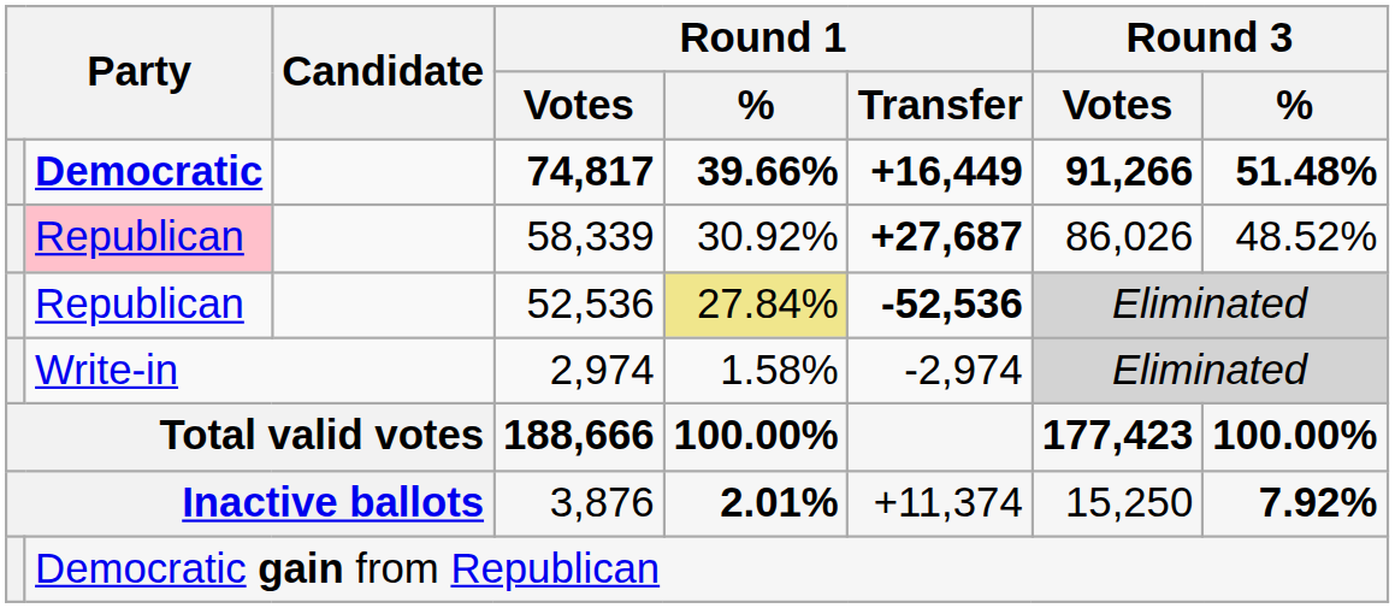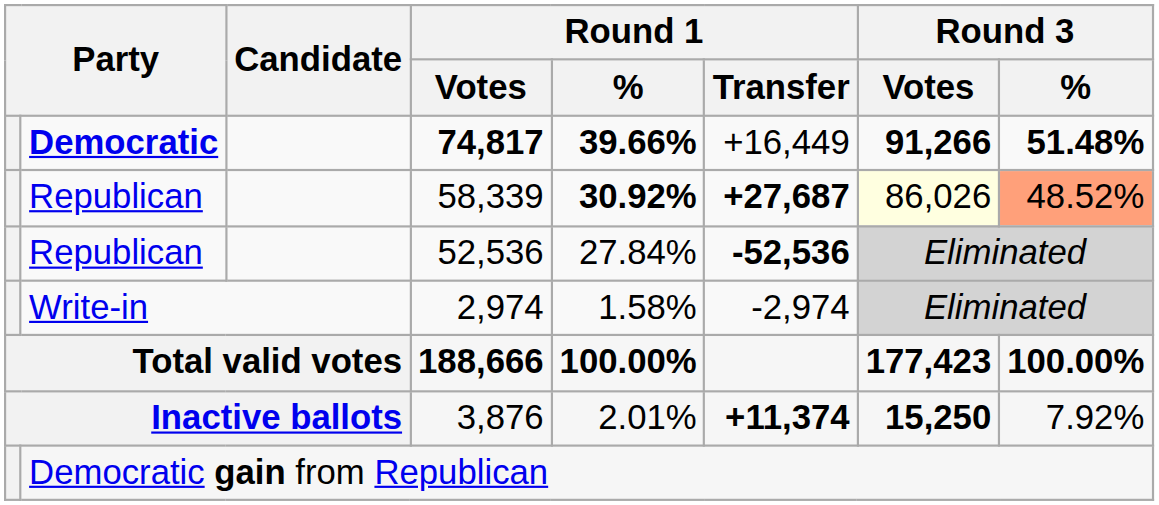 <table class="wikitable sortable" style="text-align:right">
 <tr>
 <th colspan="2" rowspan="2">Party</th>
 <th rowspan="2">Candidate</th>
 <th colspan="3">Round 1</th>
 <th colspan="2">Round 3</th>
 </tr>
 <tr>
 <th>Votes</th>
 <th>%</th>
 <th>Transfer</th>
 <th>Votes</th>
 <th>%</th>
 </tr>
 <tr>
 <th style="background-color:"></th>
 <td style="text-align:left"><strong><a href='#'>Democratic</a></strong></td>
 <td scope="row" style="text-align:left"><strong></strong></td>
 <td><strong>74,817</strong></td>
 <td><strong>39.66%</strong></td>
-<td><strong>+16,449</strong></td>
+<td>+16,449</td>
 <td><strong>91,266</strong></td>
 <td><strong>51.48%</strong></td>
 </tr>
 <tr>
 <th style="background-color:"></th>
-<td style="background: pink; text-align:left"><a href='#'>Republican</a></td>
+<td style="text-align:left"><a href='#'>Republican</a></td>
 <td scope="row" style="text-align:left"></td>
 <td>58,339</td>
-<td>30.92%</td>
+<td><strong>30.92%</strong></td>
 <td><strong>+27,687</strong></td>
-<td>86,026</td>
-<td>48.52%</td>
+<td style="background: lightyellow;">86,026</td>
+<td style="background: lightsalmon;">48.52%</td>
 </tr>
 <tr>
 <th style="background-color:"></th>
 <td style="text-align:left"><a href='#'>Republican</a></td>
 <td scope="row" style="text-align:left"></td>
 <td>52,536</td>
-<td style="background: khaki;">27.84%</td>
+<td>27.84%</td>
 <td><strong>-52,536</strong></td>
 <td colspan="2" style="background:lightgrey; text-align:center;"><em>Eliminated</em></td>
 </tr>
 <tr>
 <th style="background-color:"></th>
 <td colspan="2" style="text-align:left"><a href='#'>Write-in</a></td>
 <td>2,974</td>
 <td>1.58%</td>
 <td>-2,974</td>
 <td colspan="2" style="background:lightgrey; text-align:center;"><em>Eliminated</em></td>
 </tr>
 <tr class="sortbottom" style="background:#f6f6f6;">
 <th colspan="3" scope="row" style="text-align:right;">Total valid votes</th>
 <td><strong>188,666</strong></td>
 <td><strong>100.00%</strong></td>
 <td></td>
 <td><strong>177,423</strong></td>
 <td><strong>100.00%</strong></td>
 </tr>
 <tr class="sortbottom" style="background:#f6f6f6;">
 <th colspan="3" scope="row" style="text-align:right;"><a href='#'>Inactive ballots</a></th>
 <td>3,876</td>
-<td><strong>2.01%</strong></td>
-<td>+11,374</td>
-<td>15,250</td>
-<td><strong>7.92%</strong></td>
+<td>2.01%</td>
+<td><strong>+11,374</strong></td>
+<td><strong>15,250</strong></td>
+<td>7.92%</td>
 </tr>
 <tr class="sortbottom" style="background:#f6f6f6;">
 <th style="background-color:"></th>
 <td colspan="8" style="text-align:left"><a href='#'>Democratic</a> <strong>gain</strong> from <a href='#'>Republican</a></td>
 </tr>
 </table>
